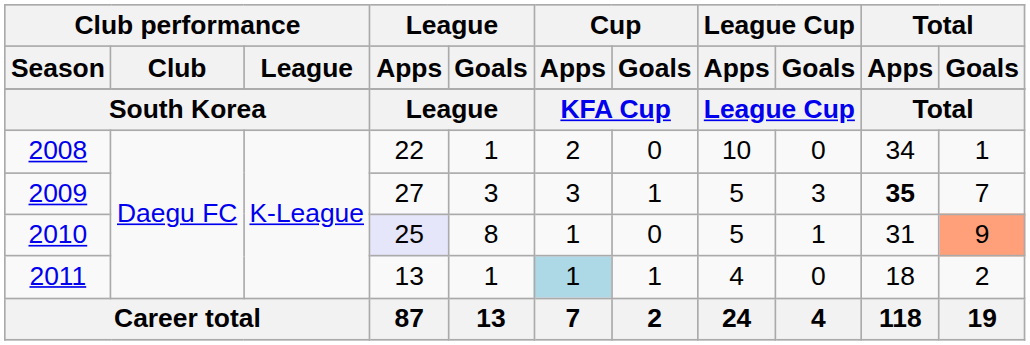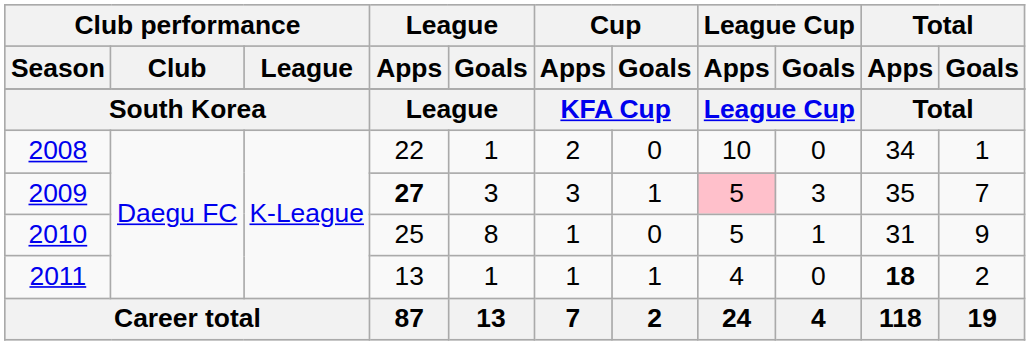 <table class="wikitable" style="text-align:center">
 <tr>
 <th colspan=3>Club performance</th>
 <th colspan=2>League</th>
 <th colspan=2>Cup</th>
 <th colspan=2>League Cup</th>
 <th colspan=2>Total</th>
 </tr>
 <tr>
 <th>Season</th>
 <th>Club</th>
 <th>League</th>
 <th>Apps</th>
 <th>Goals</th>
 <th>Apps</th>
 <th>Goals</th>
 <th>Apps</th>
 <th>Goals</th>
 <th>Apps</th>
 <th>Goals</th>
 </tr>
 <tr>
 </tr>
 <tr>
 <th colspan=3>South Korea</th>
 <th colspan=2>League</th>
 <th colspan=2><a href='#'>KFA Cup</a></th>
 <th colspan=2><a href='#'>League Cup</a></th>
 <th colspan=2>Total</th>
 </tr>
 <tr>
 <td><a href='#'>2008</a></td>
 <td rowspan="4"><a href='#'>Daegu FC</a></td>
 <td rowspan="4"><a href='#'>K-League</a></td>
 <td>22</td>
 <td>1</td>
 <td>2</td>
 <td>0</td>
 <td>10</td>
 <td>0</td>
 <td>34</td>
 <td>1</td>
 </tr>
 <tr>
 <td><a href='#'>2009</a></td>
-<td>27</td>
+<td><strong>27</strong></td>
 <td>3</td>
 <td>3</td>
 <td>1</td>
-<td>5</td>
+<td style="background: pink;">5</td>
 <td>3</td>
-<td><strong>35</strong></td>
+<td>35</td>
 <td>7</td>
 </tr>
 <tr>
 <td><a href='#'>2010</a></td>
-<td style="background: lavender;">25</td>
+<td>25</td>
 <td>8</td>
 <td>1</td>
 <td>0</td>
 <td>5</td>
 <td>1</td>
 <td>31</td>
-<td style="background: lightsalmon;">9</td>
+<td>9</td>
 </tr>
 <tr>
 <td><a href='#'>2011</a></td>
 <td>13</td>
 <td>1</td>
-<td style="background: lightblue;">1</td>
+<td>1</td>
 <td>1</td>
 <td>4</td>
 <td>0</td>
-<td>18</td>
+<td><strong>18</strong></td>
 <td>2</td>
 </tr>
 <tr>
 <th colspan=3>Career total</th>
 <th>87</th>
 <th>13</th>
 <th>7</th>
 <th>2</th>
 <th>24</th>
 <th>4</th>
 <th>118</th>
 <th>19</th>
 </tr>
 </table>
